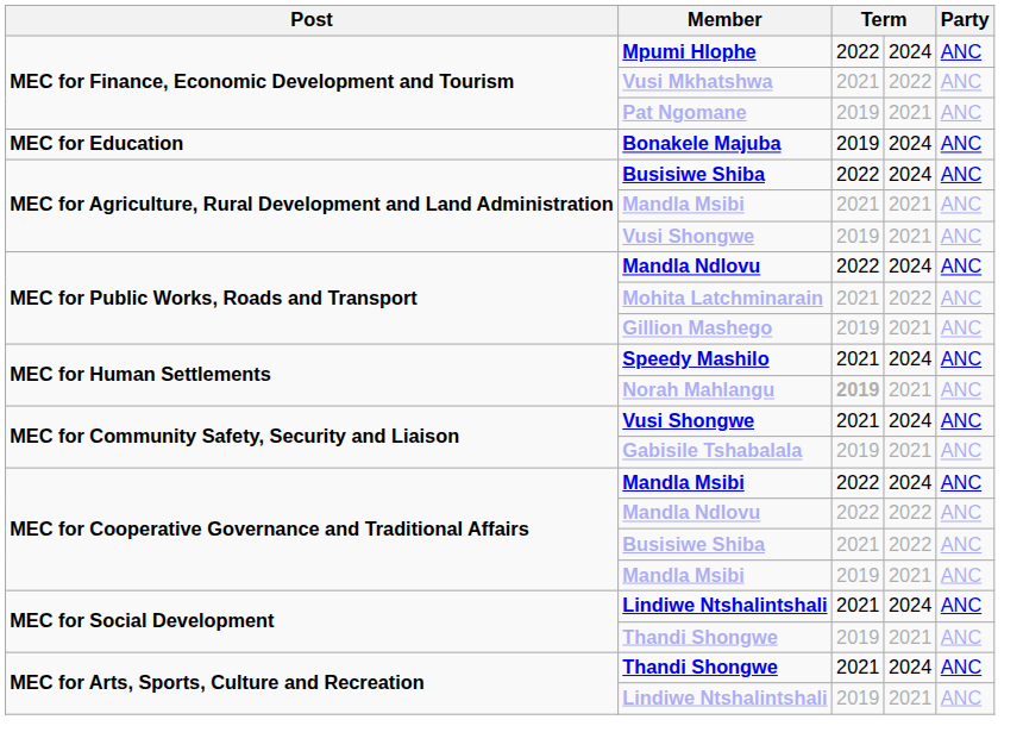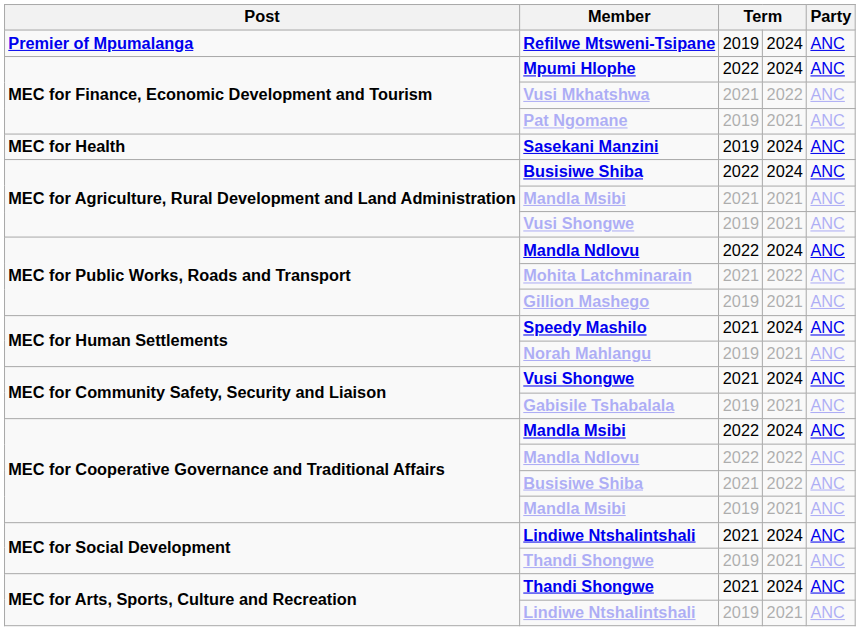 <table class="wikitable">
 <tr>
 <th>Post</th>
 <th>Member</th>
 <th colspan="2">Term</th>
 <th>Party</th>
+</tr>
+<tr>
+<td><strong><a href='#'>Premier of Mpumalanga</a></strong></td>
+<td><strong><a href='#'>Refilwe Mtsweni-Tsipane</a></strong></td>
+<td>2019</td>
+<td>2024</td>
+<td><a href='#'>ANC</a></td>
 </tr>
 <tr>
 <td rowspan="3"><strong>MEC for Finance, Economic Development and Tourism</strong></td>
 <td><strong><a href='#'>Mpumi Hlophe</a></strong></td>
 <td>2022</td>
 <td>2024</td>
 <td><a href='#'>ANC</a></td>
 </tr>
 <tr style="opacity:.3;">
 <td><strong><a href='#'>Vusi Mkhatshwa</a></strong></td>
 <td>2021</td>
 <td>2022</td>
 <td><a href='#'>ANC</a></td>
 </tr>
 <tr style="opacity:.3;">
 <td><strong><a href='#'>Pat Ngomane</a></strong></td>
 <td>2019</td>
 <td>2021</td>
 <td><a href='#'>ANC</a></td>
 </tr>
 <tr>
-<td><strong>MEC for Education</strong></td>
-<td><strong><a href='#'>Bonakele Majuba</a></strong></td>
+<td><strong>MEC for Health</strong></td>
+<td><strong><a href='#'>Sasekani Manzini</a></strong></td>
 <td>2019</td>
 <td>2024</td>
 <td><a href='#'>ANC</a></td>
 </tr>
 <tr>
 <td rowspan="3"><strong>MEC for Agriculture, Rural Development and Land Administration</strong></td>
 <td><strong><a href='#'>Busisiwe Shiba</a></strong></td>
 <td>2022</td>
 <td>2024</td>
 <td><a href='#'>ANC</a></td>
 </tr>
 <tr style="opacity:.3;">
 <td><strong><a href='#'>Mandla Msibi</a></strong></td>
 <td>2021</td>
 <td>2021</td>
 <td><a href='#'>ANC</a></td>
 </tr>
 <tr style="opacity:.3;">
 <td><strong><a href='#'>Vusi Shongwe</a></strong></td>
 <td>2019</td>
 <td>2021</td>
 <td><a href='#'>ANC</a></td>
 </tr>
 <tr>
 <td rowspan="3"><strong>MEC for Public Works, Roads and Transport</strong></td>
 <td><strong><a href='#'>Mandla Ndlovu</a></strong></td>
 <td>2022</td>
 <td>2024</td>
 <td><a href='#'>ANC</a></td>
 </tr>
 <tr style="opacity:.3;">
 <td><strong><a href='#'>Mohita Latchminarain</a></strong></td>
 <td>2021</td>
 <td>2022</td>
 <td><a href='#'>ANC</a></td>
 </tr>
 <tr style="opacity:.3;">
 <td><strong><a href='#'>Gillion Mashego</a></strong></td>
 <td>2019</td>
 <td>2021</td>
 <td><a href='#'>ANC</a></td>
 </tr>
 <tr>
 <td rowspan="2"><strong>MEC for Human Settlements</strong></td>
 <td><strong><a href='#'>Speedy Mashilo</a></strong></td>
 <td>2021</td>
 <td>2024</td>
 <td><a href='#'>ANC</a></td>
 </tr>
 <tr style="opacity:.3;">
 <td><strong><a href='#'>Norah Mahlangu</a></strong></td>
-<td><strong>2019</strong></td>
+<td>2019</td>
 <td>2021</td>
 <td><a href='#'>ANC</a></td>
 </tr>
 <tr>
 <td rowspan="2"><strong>MEC for Community Safety, Security and Liaison</strong></td>
 <td><strong><a href='#'>Vusi Shongwe</a></strong></td>
 <td>2021</td>
 <td>2024</td>
 <td><a href='#'>ANC</a></td>
 </tr>
 <tr style="opacity:.3;">
 <td><strong><a href='#'>Gabisile Tshabalala</a></strong></td>
 <td>2019</td>
 <td>2021</td>
 <td><a href='#'>ANC</a></td>
 </tr>
 <tr>
 <td rowspan="4"><strong>MEC for Cooperative Governance and Traditional Affairs</strong></td>
 <td><strong><a href='#'>Mandla Msibi</a></strong></td>
 <td>2022</td>
 <td>2024</td>
 <td><a href='#'>ANC</a></td>
 </tr>
 <tr style="opacity:.3;">
 <td><strong><a href='#'>Mandla Ndlovu</a></strong></td>
 <td>2022</td>
 <td>2022</td>
 <td><a href='#'>ANC</a></td>
 </tr>
 <tr style="opacity:.3;">
 <td><strong><a href='#'>Busisiwe Shiba</a></strong></td>
 <td>2021</td>
 <td>2022</td>
 <td><a href='#'>ANC</a></td>
 </tr>
 <tr style="opacity:.3;">
 <td><strong><a href='#'>Mandla Msibi</a></strong></td>
 <td>2019</td>
 <td>2021</td>
 <td><a href='#'>ANC</a></td>
 </tr>
 <tr>
 <td rowspan="2"><strong>MEC for Social Development</strong></td>
 <td><strong><a href='#'>Lindiwe Ntshalintshali</a></strong></td>
 <td>2021</td>
 <td>2024</td>
 <td><a href='#'>ANC</a></td>
 </tr>
 <tr style="opacity:.3;">
 <td><strong><a href='#'>Thandi Shongwe</a></strong></td>
 <td>2019</td>
 <td>2021</td>
 <td><a href='#'>ANC</a></td>
 </tr>
 <tr>
 <td rowspan="2"><strong>MEC for Arts, Sports, Culture and Recreation</strong></td>
 <td><strong><a href='#'>Thandi Shongwe</a></strong></td>
 <td>2021</td>
 <td>2024</td>
 <td><a href='#'>ANC</a></td>
 </tr>
 <tr style="opacity:.3;">
 <td><strong><a href='#'>Lindiwe Ntshalintshali</a></strong></td>
 <td>2019</td>
 <td>2021</td>
 <td><a href='#'>ANC</a></td>
 </tr>
 </table>
